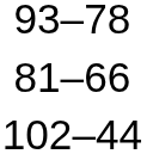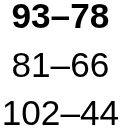 <table style="text-align:center">
 <tr>
 <th width=200></th>
 <th width=100></th>
 <th width=200></th>
 <th></th>
 </tr>
 <tr>
 <td align=right><strong></strong></td>
-<td>93–78</td>
+<td><strong>93–78</strong></td>
 <td align=left></td>
 </tr>
 <tr>
 <td align=right><strong></strong></td>
 <td>81–66</td>
 <td align=left></td>
 </tr>
 <tr>
 <td align=right><strong></strong></td>
 <td>102–44</td>
 <td align=left></td>
 </tr>
 </table>
